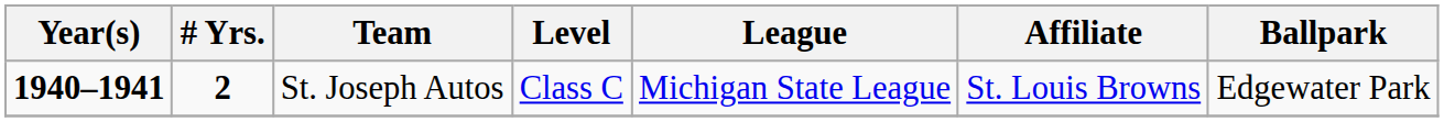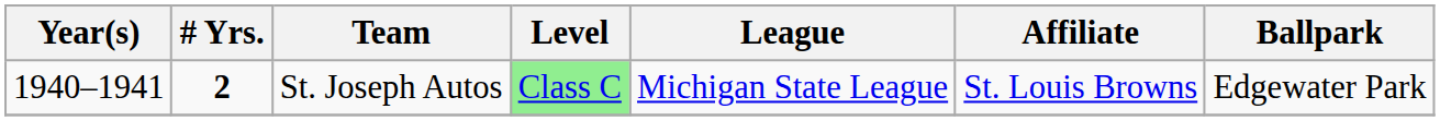 <table class="wikitable" style="text-align:center; font-size: 95%;">
 <tr>
 <th>Year(s)</th>
 <th># Yrs.</th>
 <th>Team</th>
 <th>Level</th>
 <th>League</th>
 <th>Affiliate</th>
 <th>Ballpark</th>
 </tr>
 <tr>
-<td><strong>1940–1941</strong></td>
+<td>1940–1941</td>
 <td><strong>2</strong></td>
 <td>St. Joseph Autos</td>
-<td><a href='#'>Class C</a></td>
+<td style="background: lightgreen;"><a href='#'>Class C</a></td>
 <td><a href='#'>Michigan State League</a></td>
 <td><a href='#'>St. Louis Browns</a></td>
 <td>Edgewater Park</td>
 </tr>
 <tr>
 </tr>
 </table>
